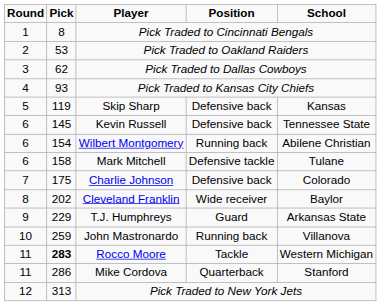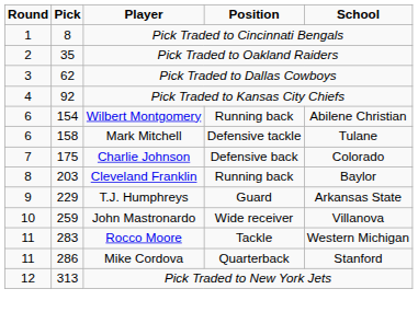 <table class="wikitable">
 <tr align="center">
 <td><strong>Round</strong></td>
 <td><strong>Pick</strong></td>
 <td><strong>Player</strong></td>
 <td><strong>Position</strong></td>
 <td><strong>School</strong></td>
 </tr>
 <tr align="center" bgcolor="">
 <td>1</td>
 <td>8</td>
 <td colspan="3"><em>Pick Traded to Cincinnati Bengals</em></td>
 </tr>
 <tr align="center" bgcolor="">
 <td>2</td>
-<td>53</td>
+<td>35</td>
 <td colspan="3"><em>Pick Traded to Oakland Raiders</em></td>
 </tr>
 <tr align="center" bgcolor="">
 <td>3</td>
 <td>62</td>
 <td colspan="3"><em>Pick Traded to Dallas Cowboys</em></td>
 </tr>
 <tr align="center" bgcolor="">
 <td>4</td>
-<td>93</td>
+<td>92</td>
 <td colspan="3"><em>Pick Traded to Kansas City Chiefs</em></td>
-</tr>
-<tr align="center" bgcolor="">
-<td>5</td>
-<td>119</td>
-<td>Skip Sharp</td>
-<td>Defensive back</td>
-<td>Kansas</td>
-</tr>
-<tr align="center" bgcolor="">
-<td>6</td>
-<td>145</td>
-<td>Kevin Russell</td>
-<td>Defensive back</td>
-<td>Tennessee State</td>
 </tr>
 <tr align="center" bgcolor="">
 <td>6</td>
 <td>154</td>
 <td><a href='#'>Wilbert Montgomery</a></td>
 <td>Running back</td>
 <td>Abilene Christian</td>
 </tr>
 <tr align="center" bgcolor="">
 <td>6</td>
 <td>158</td>
 <td>Mark Mitchell</td>
 <td>Defensive tackle</td>
 <td>Tulane</td>
 </tr>
 <tr align="center" bgcolor="">
 <td>7</td>
 <td>175</td>
 <td><a href='#'>Charlie Johnson</a></td>
 <td>Defensive back</td>
 <td>Colorado</td>
 </tr>
 <tr align="center" bgcolor="">
 <td>8</td>
-<td>202</td>
+<td>203</td>
 <td><a href='#'>Cleveland Franklin</a></td>
-<td>Wide receiver</td>
+<td>Running back</td>
 <td>Baylor</td>
 </tr>
 <tr align="center" bgcolor="">
 <td>9</td>
 <td>229</td>
 <td>T.J. Humphreys</td>
 <td>Guard</td>
 <td>Arkansas State</td>
 </tr>
 <tr align="center" bgcolor="">
 <td>10</td>
 <td>259</td>
 <td>John Mastronardo</td>
-<td>Running back</td>
+<td>Wide receiver</td>
 <td>Villanova</td>
 </tr>
 <tr align="center" bgcolor="">
 <td>11</td>
-<td><strong>283</strong></td>
+<td>283</td>
 <td><a href='#'>Rocco Moore</a></td>
 <td>Tackle</td>
 <td>Western Michigan</td>
 </tr>
 <tr align="center" bgcolor="">
 <td>11</td>
 <td>286</td>
 <td>Mike Cordova</td>
 <td>Quarterback</td>
 <td>Stanford</td>
 </tr>
 <tr align="center" bgcolor="">
 <td>12</td>
 <td>313</td>
 <td colspan="3"><em>Pick Traded to New York Jets</em></td>
 </tr>
 </table>
